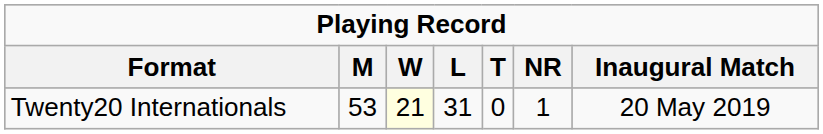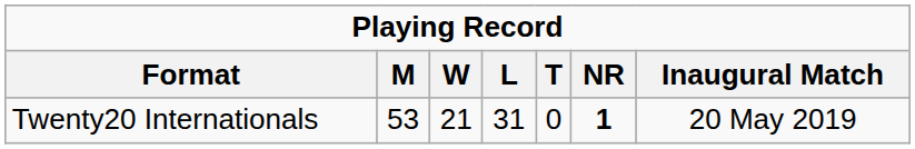 <table class="wikitable" style="text-align: center; width: 500px;">
 <tr>
 <td colspan=7 align="center"><strong>Playing Record</strong></td>
 </tr>
 <tr>
 <th>Format</th>
 <th>M</th>
 <th>W</th>
 <th>L</th>
 <th>T</th>
 <th>NR</th>
 <th>Inaugural Match</th>
 </tr>
 <tr>
 <td align="left">Twenty20 Internationals</td>
 <td>53</td>
-<td style="background: lightyellow;">21</td>
+<td>21</td>
 <td>31</td>
 <td>0</td>
-<td>1</td>
+<td><strong>1</strong></td>
 <td>20 May 2019</td>
 </tr>
 </table>
